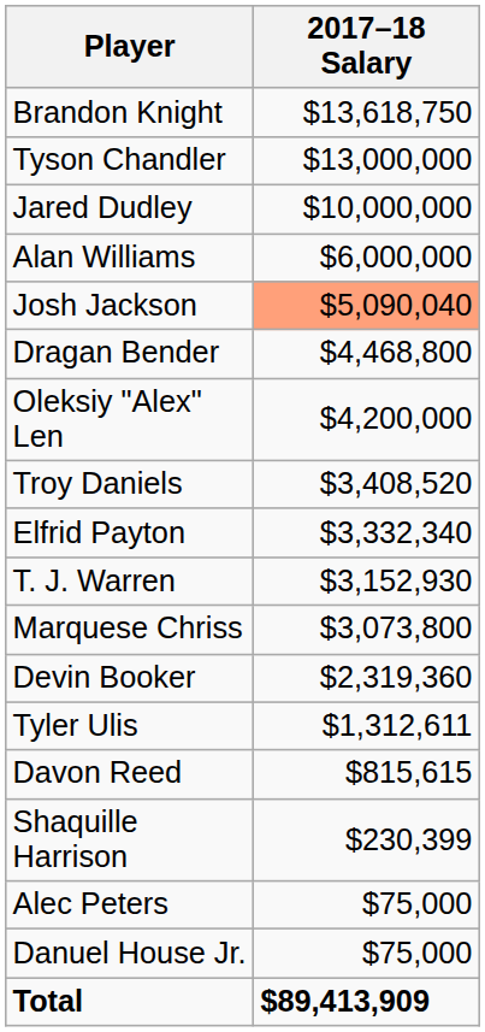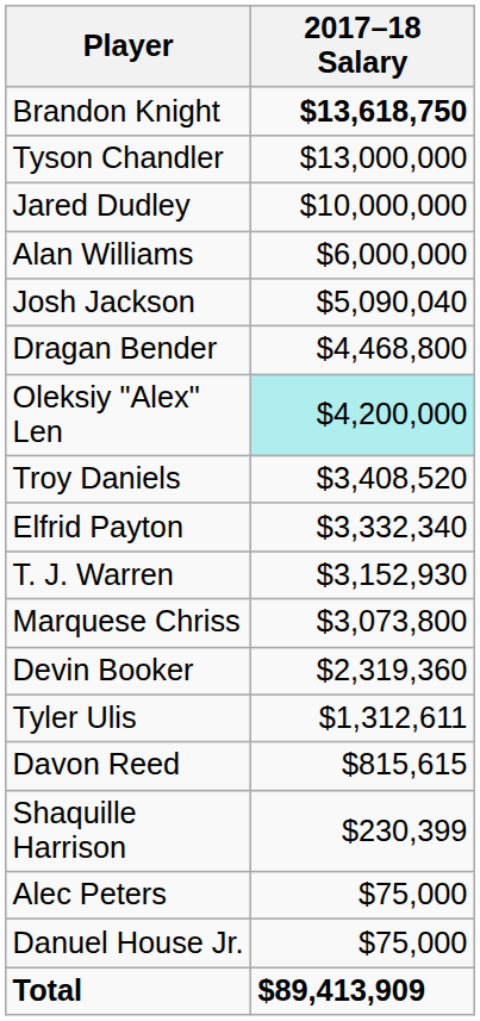 <table style="width:250px;" class="wikitable sortable sortable">
 <tr>
 <th style=>Player</th>
 <th style=>2017–18 Salary</th>
 </tr>
 <tr>
 <td>Brandon Knight</td>
-<td style="text-align:right;">$13,618,750</td>
+<td style="text-align:right;"><strong>$13,618,750</strong></td>
 </tr>
 <tr>
 <td>Tyson Chandler</td>
 <td style="text-align:right;">$13,000,000</td>
 </tr>
 <tr>
 <td>Jared Dudley</td>
 <td style="text-align:right;">$10,000,000</td>
 </tr>
 <tr>
 <td>Alan Williams</td>
 <td style="text-align:right;">$6,000,000</td>
 </tr>
 <tr>
 <td>Josh Jackson</td>
-<td style="background: lightsalmon; text-align:right;">$5,090,040</td>
+<td style="text-align:right;">$5,090,040</td>
 </tr>
 <tr>
 <td>Dragan Bender</td>
 <td style="text-align:right;">$4,468,800</td>
 </tr>
 <tr>
 <td>Oleksiy "Alex" Len</td>
-<td style="text-align:right;">$4,200,000</td>
+<td style="background: paleturquoise; text-align:right;">$4,200,000</td>
 </tr>
 <tr>
 <td>Troy Daniels</td>
 <td style="text-align:right;">$3,408,520</td>
 </tr>
 <tr>
 <td>Elfrid Payton</td>
 <td style="text-align:right;">$3,332,340</td>
 </tr>
 <tr>
 <td>T. J. Warren</td>
 <td style="text-align:right;">$3,152,930</td>
 </tr>
 <tr>
 <td>Marquese Chriss</td>
 <td style="text-align:right;">$3,073,800</td>
 </tr>
 <tr>
 <td>Devin Booker</td>
 <td style="text-align:right;">$2,319,360</td>
 </tr>
 <tr>
 <td>Tyler Ulis</td>
 <td style="text-align:right;">$1,312,611</td>
 </tr>
 <tr>
 <td>Davon Reed</td>
 <td style="text-align:right;">$815,615</td>
 </tr>
 <tr>
 <td>Shaquille Harrison</td>
 <td style="text-align:right;">$230,399</td>
 </tr>
 <tr>
 <td>Alec Peters</td>
 <td style="text-align:right;">$75,000</td>
 </tr>
 <tr>
 <td>Danuel House Jr.</td>
 <td style="text-align:right;">$75,000</td>
 </tr>
 <tr class="sortbottom">
 <td style=><strong>Total</strong></td>
 <td style=><strong>$89,413,909</strong></td>
 </tr>
 </table>
